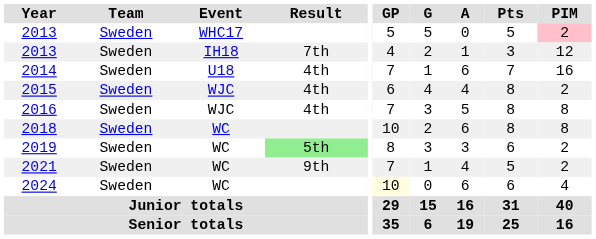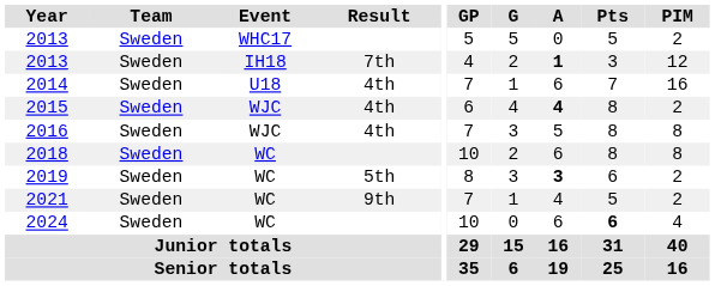 <table border="0" cellpadding="1" cellspacing="0" style="text-align:center; width:40em">
 <tr ALIGN="center" bgcolor="#e0e0e0">
 <th>Year</th>
 <th>Team</th>
 <th>Event</th>
 <th>Result</th>
 <th rowspan="99" bgcolor="#fff"></th>
 <th>GP</th>
 <th>G</th>
 <th>A</th>
 <th>Pts</th>
 <th>PIM</th>
 </tr>
 <tr>
 <td><a href='#'>2013</a></td>
 <td><a href='#'>Sweden</a></td>
 <td><a href='#'>WHC17</a></td>
 <td></td>
 <td>5</td>
 <td>5</td>
 <td>0</td>
 <td>5</td>
-<td style="background: pink;">2</td>
+<td>2</td>
 </tr>
 <tr bgcolor="#f0f0f0">
 <td><a href='#'>2013</a></td>
 <td>Sweden</td>
 <td><a href='#'>IH18</a></td>
 <td>7th</td>
 <td>4</td>
 <td>2</td>
-<td>1</td>
+<td><strong>1</strong></td>
 <td>3</td>
 <td>12</td>
 </tr>
 <tr>
 <td><a href='#'>2014</a></td>
 <td>Sweden</td>
 <td><a href='#'>U18</a></td>
 <td>4th</td>
 <td>7</td>
 <td>1</td>
 <td>6</td>
 <td>7</td>
 <td>16</td>
 </tr>
 <tr bgcolor="#f0f0f0">
 <td><a href='#'>2015</a></td>
 <td><a href='#'>Sweden</a></td>
 <td><a href='#'>WJC</a></td>
 <td>4th</td>
 <td>6</td>
 <td>4</td>
-<td>4</td>
+<td><strong>4</strong></td>
 <td>8</td>
 <td>2</td>
 </tr>
 <tr>
 <td><a href='#'>2016</a></td>
 <td>Sweden</td>
 <td>WJC</td>
 <td>4th</td>
 <td>7</td>
 <td>3</td>
 <td>5</td>
 <td>8</td>
 <td>8</td>
 </tr>
 <tr bgcolor="#f0f0f0">
 <td><a href='#'>2018</a></td>
 <td><a href='#'>Sweden</a></td>
 <td><a href='#'>WC</a></td>
 <td></td>
 <td>10</td>
 <td>2</td>
 <td>6</td>
 <td>8</td>
 <td>8</td>
 </tr>
 <tr>
 <td><a href='#'>2019</a></td>
 <td>Sweden</td>
 <td>WC</td>
-<td style="background: lightgreen;">5th</td>
+<td>5th</td>
 <td>8</td>
 <td>3</td>
-<td>3</td>
+<td><strong>3</strong></td>
 <td>6</td>
 <td>2</td>
 </tr>
 <tr bgcolor="#f0f0f0">
 <td><a href='#'>2021</a></td>
 <td>Sweden</td>
 <td>WC</td>
 <td>9th</td>
 <td>7</td>
 <td>1</td>
 <td>4</td>
 <td>5</td>
 <td>2</td>
 </tr>
 <tr>
 <td><a href='#'>2024</a></td>
 <td>Sweden</td>
 <td>WC</td>
 <td></td>
-<td style="background: lightyellow;">10</td>
+<td>10</td>
 <td>0</td>
 <td>6</td>
-<td>6</td>
+<td><strong>6</strong></td>
 <td>4</td>
 </tr>
 <tr bgcolor="#e0e0e0">
 <th colspan="4">Junior totals</th>
 <th>29</th>
 <th>15</th>
 <th>16</th>
 <th>31</th>
 <th>40</th>
 </tr>
 <tr bgcolor="#e0e0e0">
 <th colspan="4">Senior totals</th>
 <th>35</th>
 <th>6</th>
 <th>19</th>
 <th>25</th>
 <th>16</th>
 </tr>
 </table>
